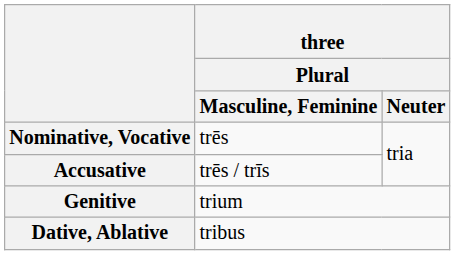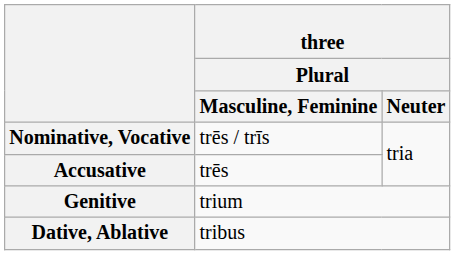 <table class="wikitable">
 <tr>
 <th rowspan="3"></th>
 <th colspan="2"><br>three</th>
 </tr>
 <tr>
 <th colspan="2">Plural</th>
 </tr>
 <tr>
 <th>Masculine, Feminine</th>
 <th>Neuter</th>
 </tr>
 <tr>
 <th>Nominative, Vocative</th>
-<td>trēs</td>
+<td>trēs / trīs</td>
 <td rowspan="2">tria</td>
 </tr>
 <tr>
 <th>Accusative</th>
-<td>trēs / trīs</td>
+<td>trēs</td>
 </tr>
 <tr>
 <th>Genitive</th>
 <td colspan="2">trium</td>
 </tr>
 <tr>
 <th>Dative, Ablative</th>
 <td colspan="2">tribus</td>
 </tr>
 </table>
